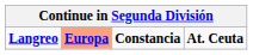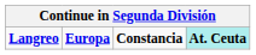 <table class="wikitable" style="text-align: center; margin: 0 auto;">
 <tr>
 <th colspan="9">Continue in <a href='#'>Segunda División</a></th>
 </tr>
 <tr>
 <td><strong><a href='#'>Langreo</a></strong><br></td>
-<td style="background: lightsalmon;"><strong><a href='#'>Europa</a></strong><br></td>
+<td><strong><a href='#'>Europa</a></strong><br></td>
 <td><strong>Constancia </strong><br></td>
-<td><strong>At. Ceuta</strong></td>
+<td style="background: paleturquoise;"><strong>At. Ceuta</strong></td>
 </tr>
 </table>
